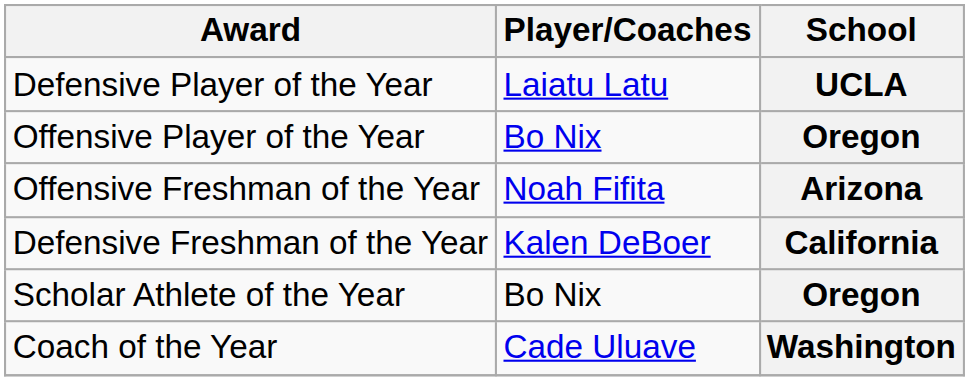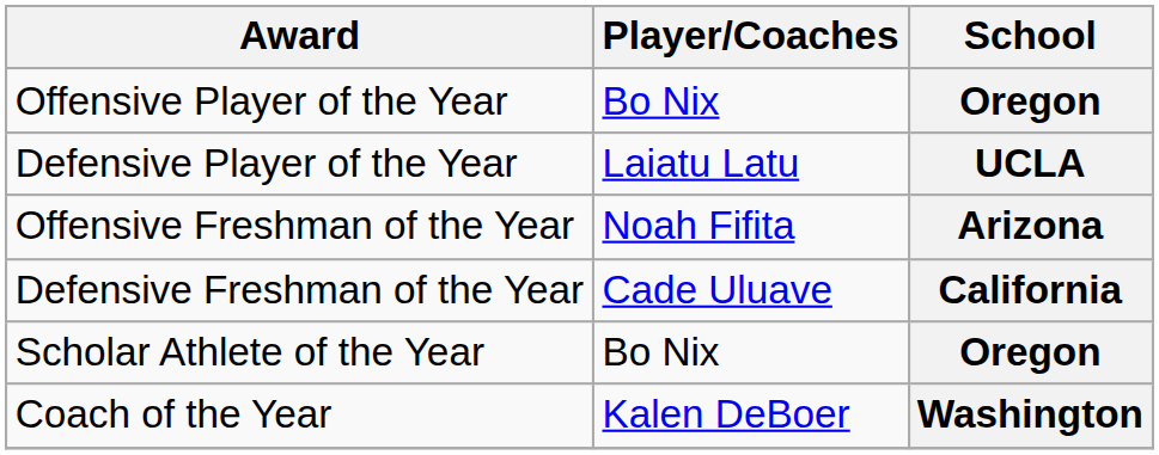 <table class="wikitable" border="0">
 <tr>
 <th>Award</th>
 <th>Player/Coaches</th>
 <th>School</th>
 </tr>
 <tr>
+<td>Offensive Player of the Year</td>
+<td><a href='#'>Bo Nix</a></td>
+<th>Oregon</th>
+</tr>
+<tr>
 <td>Defensive Player of the Year</td>
 <td><a href='#'>Laiatu Latu</a></td>
 <th>UCLA</th>
-</tr>
-<tr>
-<td>Offensive Player of the Year</td>
-<td><a href='#'>Bo Nix</a></td>
-<th>Oregon</th>
 </tr>
 <tr>
 <td>Offensive Freshman of the Year</td>
 <td><a href='#'>Noah Fifita</a></td>
 <th>Arizona</th>
 </tr>
 <tr>
 <td>Defensive Freshman of the Year</td>
-<td><a href='#'>Kalen DeBoer</a></td>
+<td><a href='#'>Cade Uluave</a></td>
 <th>California</th>
 </tr>
 <tr>
 <td>Scholar Athlete of the Year</td>
 <td>Bo Nix</td>
 <th>Oregon</th>
 </tr>
 <tr>
 <td>Coach of the Year</td>
-<td><a href='#'>Cade Uluave</a></td>
+<td><a href='#'>Kalen DeBoer</a></td>
 <th>Washington</th>
 </tr>
 <tr>
 </tr>
 </table>
